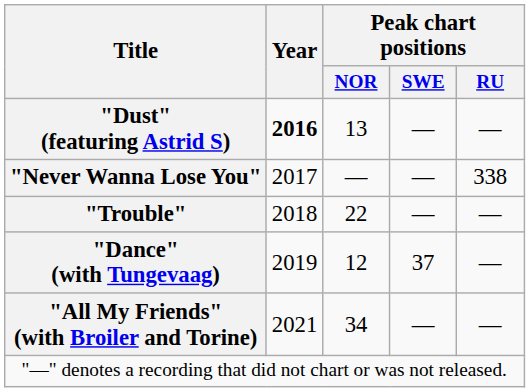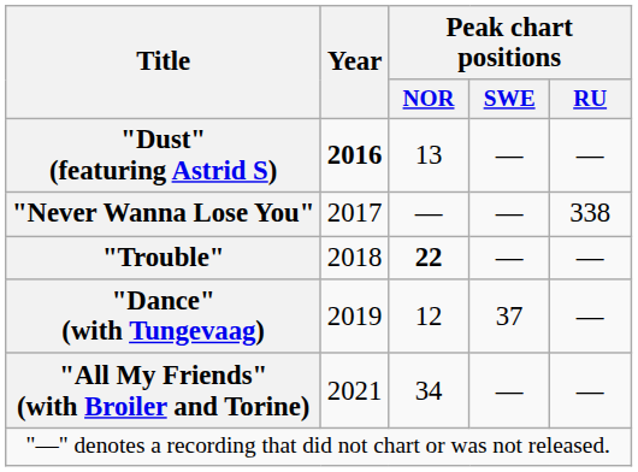 <table class="wikitable plainrowheaders" style="text-align:center;">
 <tr>
 <th rowspan="2" scope="col">Title</th>
 <th rowspan="2" scope="col">Year</th>
 <th colspan="3">Peak chart positions</th>
 </tr>
 <tr>
 <th scope="col" style="width:3em;font-size:85%;"><a href='#'>NOR</a><br></th>
 <th scope="col" style="width:3em;font-size:85%;"><a href='#'>SWE</a><br></th>
 <th style="width:3em;font-size:85%;"><a href='#'>RU</a><br></th>
 </tr>
 <tr>
 <th scope="row">"Dust"<br><span>(featuring <a href='#'>Astrid S</a>)</span></th>
 <td><strong>2016</strong></td>
 <td>13</td>
 <td>—</td>
 <td>—</td>
 </tr>
 <tr>
 <th scope="row">"Never Wanna Lose You"<br></th>
 <td>2017</td>
 <td>—</td>
 <td>—</td>
 <td>338</td>
 </tr>
 <tr>
 <th scope="row">"Trouble"</th>
 <td>2018</td>
-<td>22<br></td>
+<td><strong>22<br></strong></td>
 <td>—</td>
 <td>—</td>
 </tr>
 <tr>
 <th scope="row">"Dance"<br><span>(with <a href='#'>Tungevaag</a>)</span></th>
 <td>2019</td>
 <td>12<br></td>
 <td>37</td>
 <td>—</td>
 </tr>
 <tr>
 <th scope="row">"All My Friends"<br><span>(with <a href='#'>Broiler</a> and Torine)</span></th>
 <td>2021</td>
 <td>34<br></td>
 <td>—</td>
 <td>—</td>
 </tr>
 <tr>
 <td colspan="5" style="font-size:85%">"—" denotes a recording that did not chart or was not released.</td>
 </tr>
 </table>
